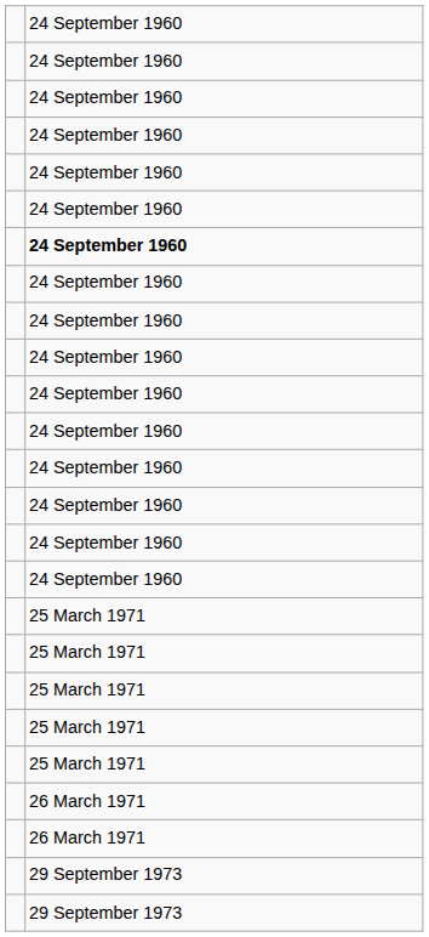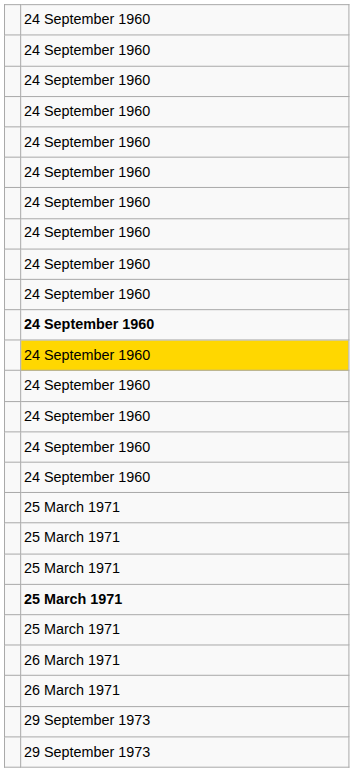 <table class="wikitable" style="font-size: 89%; float: left; width: 24em; margin-right: 1em; line-height: 1.65em">
 <tr>
 <td></td>
 <td>24 September 1960</td>
-</tr>
-<tr>
-<td></td>
-<td>24 September 1960</td>
-</tr>
-<tr>
-<td></td>
-<td>24 September 1960</td>
-</tr>
-<tr>
-<td></td>
-<td>24 September 1960</td>
-</tr>
-<tr>
-<td></td>
-<td>24 September 1960</td>
-</tr>
-<tr>
-<td></td>
-<td>24 September 1960</td>
-</tr>
-<tr>
-<td></td>
-<td><strong>24 September 1960</strong></td>
 </tr>
 <tr>
 <td></td>
 <td>24 September 1960</td>
 </tr>
 <tr>
 <td></td>
 <td>24 September 1960</td>
 </tr>
 <tr>
 <td></td>
 <td>24 September 1960</td>
 </tr>
 <tr>
 <td></td>
 <td>24 September 1960</td>
 </tr>
 <tr>
 <td></td>
 <td>24 September 1960</td>
 </tr>
 <tr>
 <td></td>
 <td>24 September 1960</td>
 </tr>
 <tr>
 <td></td>
 <td>24 September 1960</td>
 </tr>
 <tr>
 <td></td>
 <td>24 September 1960</td>
 </tr>
 <tr>
 <td></td>
 <td>24 September 1960</td>
 </tr>
 <tr>
 <td></td>
+<td><strong>24 September 1960</strong></td>
+</tr>
+<tr>
+<td></td>
+<td style="background: gold;">24 September 1960</td>
+</tr>
+<tr>
+<td></td>
+<td>24 September 1960</td>
+</tr>
+<tr>
+<td></td>
+<td>24 September 1960</td>
+</tr>
+<tr>
+<td></td>
+<td>24 September 1960</td>
+</tr>
+<tr>
+<td></td>
+<td>24 September 1960</td>
+</tr>
+<tr>
+<td></td>
 <td>25 March 1971</td>
 </tr>
 <tr>
 <td></td>
 <td>25 March 1971</td>
 </tr>
 <tr>
 <td></td>
 <td>25 March 1971</td>
 </tr>
 <tr>
 <td></td>
-<td>25 March 1971</td>
+<td><strong>25 March 1971</strong></td>
 </tr>
 <tr>
 <td></td>
 <td>25 March 1971</td>
 </tr>
 <tr>
 <td></td>
 <td>26 March 1971</td>
 </tr>
 <tr>
 <td></td>
 <td>26 March 1971</td>
 </tr>
 <tr>
 <td></td>
 <td>29 September 1973</td>
 </tr>
 <tr>
 <td></td>
 <td>29 September 1973</td>
 </tr>
 </table>
